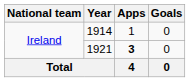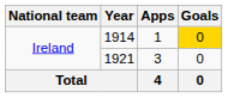 <table class="wikitable" style="text-align:center">
 <tr>
 <th>National team</th>
 <th>Year</th>
 <th>Apps</th>
 <th>Goals</th>
 </tr>
 <tr>
 <td rowspan="2"><a href='#'>Ireland</a></td>
 <td>1914</td>
 <td>1</td>
-<td>0</td>
+<td style="background: gold;">0</td>
 </tr>
 <tr>
 <td>1921</td>
-<td><strong>3</strong></td>
+<td>3</td>
 <td>0</td>
 </tr>
 <tr>
 <th colspan="2">Total</th>
 <th>4</th>
 <th>0</th>
 </tr>
 </table>
